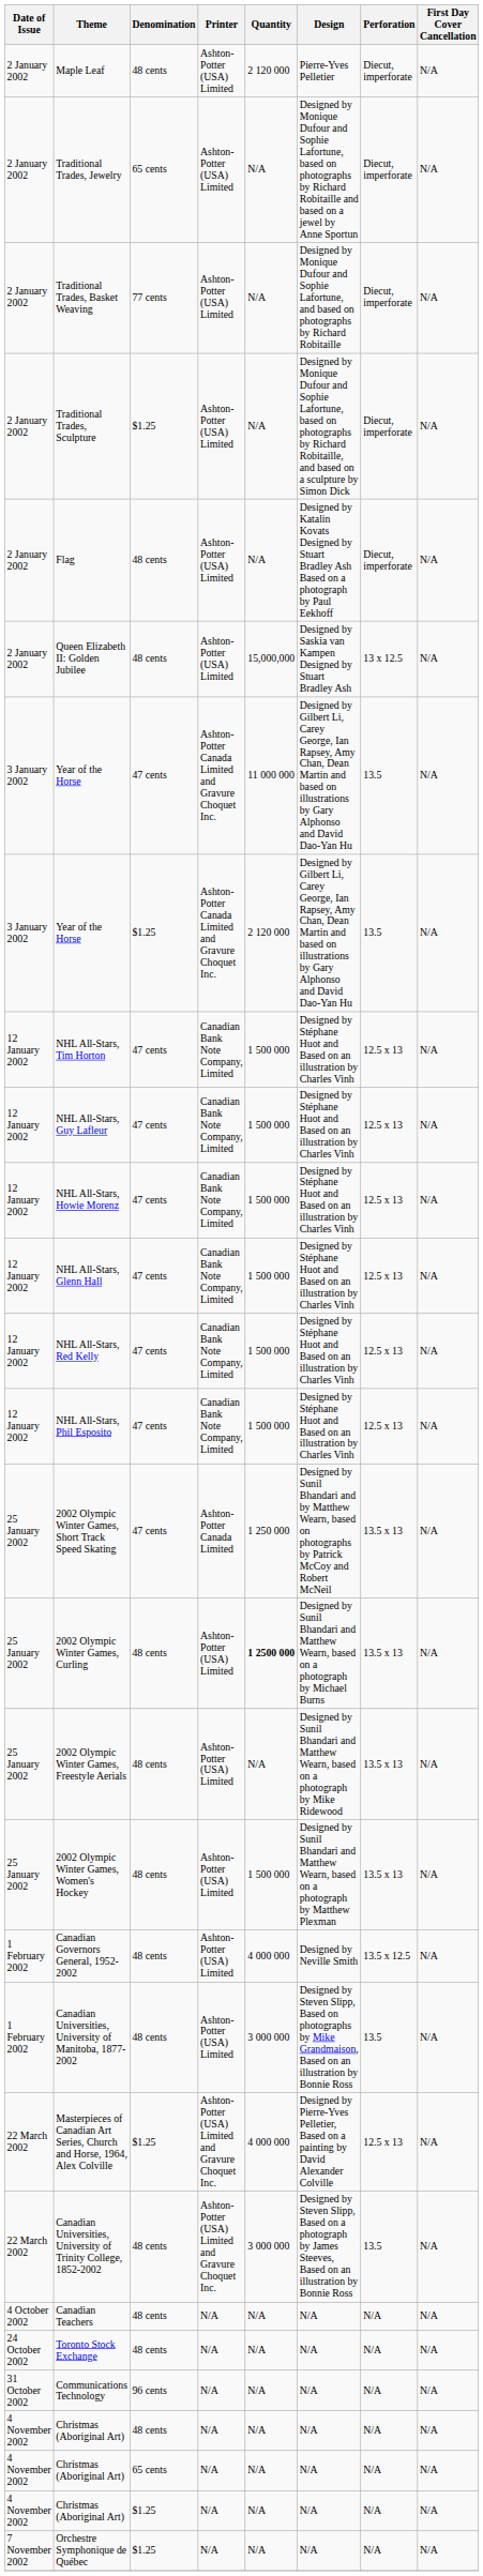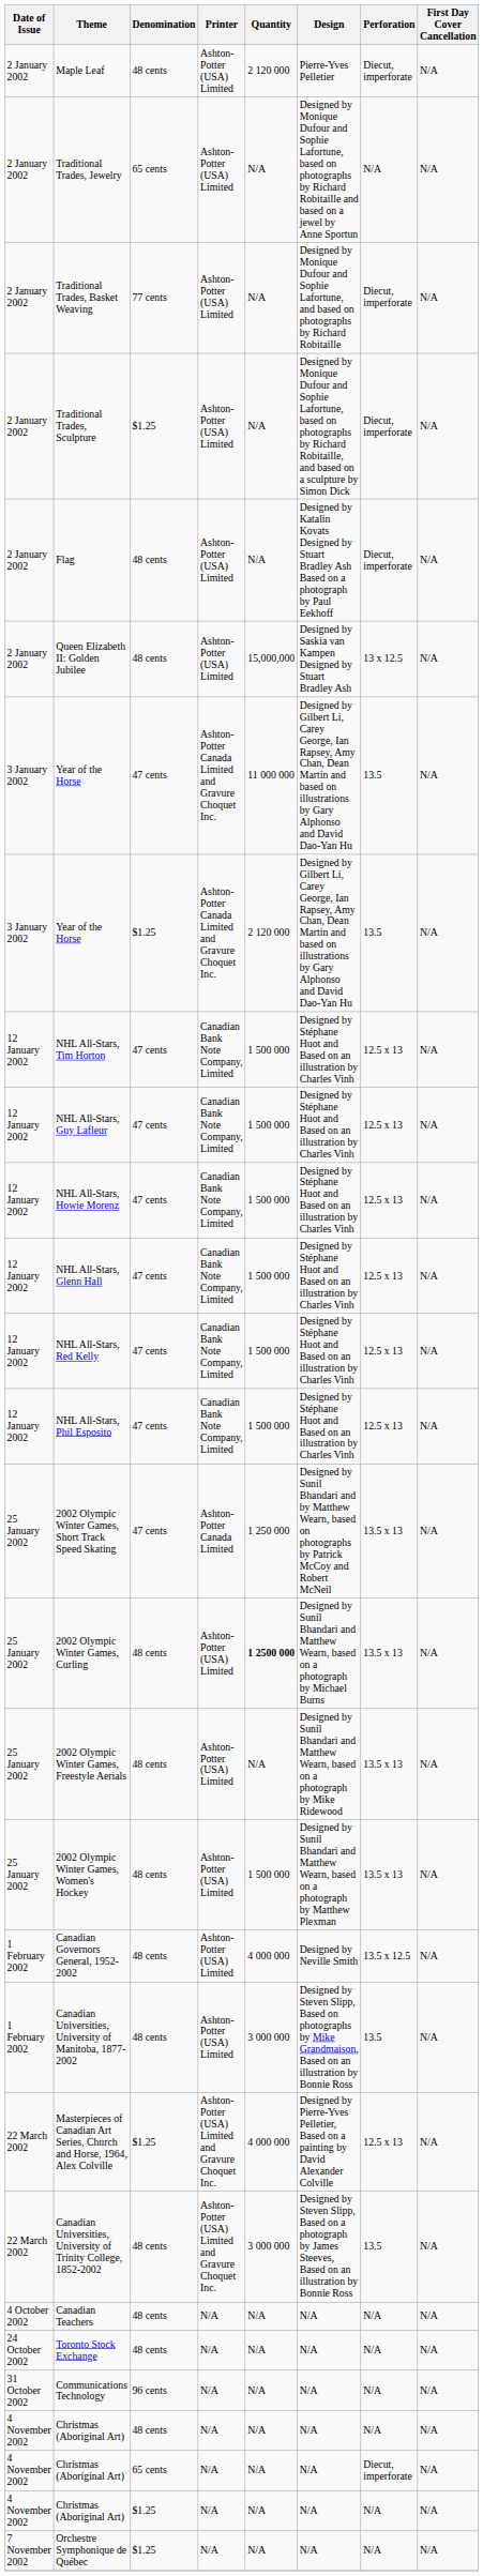 <table class="wikitable sortable">
 <tr>
 <th>Date of Issue</th>
 <th>Theme</th>
 <th>Denomination</th>
 <th>Printer</th>
 <th>Quantity</th>
 <th>Design</th>
 <th>Perforation</th>
 <th>First Day Cover Cancellation</th>
 </tr>
 <tr>
 <td>2 January 2002</td>
 <td>Maple Leaf</td>
 <td>48 cents</td>
 <td>Ashton-Potter (USA) Limited</td>
 <td>2 120 000</td>
 <td>Pierre-Yves Pelletier</td>
 <td>Diecut, imperforate</td>
 <td>N/A</td>
 </tr>
 <tr>
 <td>2 January 2002</td>
 <td>Traditional Trades, Jewelry</td>
 <td>65 cents</td>
 <td>Ashton-Potter (USA) Limited</td>
 <td>N/A</td>
 <td>Designed by Monique Dufour and Sophie Lafortune, based on photographs by Richard Robitaille and based on a jewel by Anne Sportun</td>
-<td>Diecut, imperforate</td>
+<td>N/A</td>
 <td>N/A</td>
 </tr>
 <tr>
 <td>2 January 2002</td>
 <td>Traditional Trades, Basket Weaving</td>
 <td>77 cents</td>
 <td>Ashton-Potter (USA) Limited</td>
 <td>N/A</td>
 <td>Designed by Monique Dufour and Sophie Lafortune, and based on photographs by Richard Robitaille</td>
 <td>Diecut, imperforate</td>
 <td>N/A</td>
 </tr>
 <tr>
 <td>2 January 2002</td>
 <td>Traditional Trades, Sculpture</td>
 <td>$1.25</td>
 <td>Ashton-Potter (USA) Limited</td>
 <td>N/A</td>
 <td>Designed by Monique Dufour and Sophie Lafortune, based on photographs by Richard Robitaille, and based on a sculpture by Simon Dick</td>
 <td>Diecut, imperforate</td>
 <td>N/A</td>
 </tr>
 <tr>
 <td>2 January 2002</td>
 <td>Flag</td>
 <td>48 cents</td>
 <td>Ashton-Potter (USA) Limited</td>
 <td>N/A</td>
 <td>Designed by Katalin Kovats<br>Designed by Stuart Bradley Ash Based on a photograph by Paul Eekhoff</td>
 <td>Diecut, imperforate</td>
 <td>N/A</td>
 </tr>
 <tr>
 <td>2 January 2002</td>
 <td>Queen Elizabeth II: Golden Jubilee</td>
 <td>48 cents</td>
 <td>Ashton-Potter (USA) Limited</td>
 <td>15,000,000</td>
 <td>Designed by Saskia van Kampen<br>Designed by Stuart Bradley Ash</td>
 <td>13 x 12.5</td>
 <td>N/A</td>
 </tr>
 <tr>
 <td>3 January 2002</td>
 <td>Year of the <a href='#'>Horse</a></td>
 <td>47 cents</td>
 <td>Ashton-Potter Canada Limited and Gravure Choquet Inc.</td>
 <td>11 000 000</td>
 <td>Designed by Gilbert Li, Carey George, Ian Rapsey, Amy Chan, Dean Martin and based on illustrations by Gary Alphonso<br>and David Dao-Yan Hu</td>
 <td>13.5</td>
 <td>N/A</td>
 </tr>
 <tr>
 <td>3 January 2002</td>
 <td>Year of the <a href='#'>Horse</a></td>
 <td>$1.25</td>
 <td>Ashton-Potter Canada Limited and Gravure Choquet Inc.</td>
 <td>2 120 000</td>
 <td>Designed by Gilbert Li, Carey George, Ian Rapsey, Amy Chan, Dean Martin and based on illustrations by Gary Alphonso<br>and David Dao-Yan Hu</td>
 <td>13.5</td>
 <td>N/A</td>
 </tr>
 <tr>
 <td>12 January 2002</td>
 <td>NHL All-Stars, <a href='#'>Tim Horton</a></td>
 <td>47 cents</td>
 <td>Canadian Bank Note Company, Limited</td>
 <td>1 500 000</td>
 <td>Designed by Stéphane Huot and Based on an illustration by Charles Vinh</td>
 <td>12.5 x 13</td>
 <td>N/A</td>
 </tr>
 <tr>
 <td>12 January 2002</td>
 <td>NHL All-Stars, <a href='#'>Guy Lafleur</a></td>
 <td>47 cents</td>
 <td>Canadian Bank Note Company, Limited</td>
 <td>1 500 000</td>
 <td>Designed by Stéphane Huot and Based on an illustration by Charles Vinh</td>
 <td>12.5 x 13</td>
 <td>N/A</td>
 </tr>
 <tr>
 <td>12 January 2002</td>
 <td>NHL All-Stars, <a href='#'>Howie Morenz</a></td>
 <td>47 cents</td>
 <td>Canadian Bank Note Company, Limited</td>
 <td>1 500 000</td>
 <td>Designed by Stéphane Huot and Based on an illustration by Charles Vinh</td>
 <td>12.5 x 13</td>
 <td>N/A</td>
 </tr>
 <tr>
 <td>12 January 2002</td>
 <td>NHL All-Stars, <a href='#'>Glenn Hall</a></td>
 <td>47 cents</td>
 <td>Canadian Bank Note Company, Limited</td>
 <td>1 500 000</td>
 <td>Designed by Stéphane Huot and Based on an illustration by Charles Vinh</td>
 <td>12.5 x 13</td>
 <td>N/A</td>
 </tr>
 <tr>
 <td>12 January 2002</td>
 <td>NHL All-Stars, <a href='#'>Red Kelly</a></td>
 <td>47 cents</td>
 <td>Canadian Bank Note Company, Limited</td>
 <td>1 500 000</td>
 <td>Designed by Stéphane Huot and Based on an illustration by Charles Vinh</td>
 <td>12.5 x 13</td>
 <td>N/A</td>
 </tr>
 <tr>
 <td>12 January 2002</td>
 <td>NHL All-Stars, <a href='#'>Phil Esposito</a></td>
 <td>47 cents</td>
 <td>Canadian Bank Note Company, Limited</td>
 <td>1 500 000</td>
 <td>Designed by Stéphane Huot and Based on an illustration by Charles Vinh</td>
 <td>12.5 x 13</td>
 <td>N/A</td>
 </tr>
 <tr>
 <td>25 January 2002</td>
 <td>2002 Olympic Winter Games, Short Track Speed Skating</td>
 <td>47 cents</td>
 <td>Ashton-Potter Canada Limited</td>
 <td>1 250 000</td>
 <td>Designed by Sunil Bhandari and by Matthew Wearn, based on photographs by Patrick McCoy and Robert McNeil</td>
 <td>13.5 x 13</td>
 <td>N/A</td>
 </tr>
 <tr>
 <td>25 January 2002</td>
 <td>2002 Olympic Winter Games, Curling</td>
 <td>48 cents</td>
 <td>Ashton-Potter (USA) Limited</td>
 <td><strong>1 2500 000</strong></td>
 <td>Designed by Sunil Bhandari and Matthew Wearn, based on a photograph by Michael Burns</td>
 <td>13.5 x 13</td>
 <td>N/A</td>
 </tr>
 <tr>
 <td>25 January 2002</td>
 <td>2002 Olympic Winter Games, Freestyle Aerials</td>
 <td>48 cents</td>
 <td>Ashton-Potter (USA) Limited</td>
 <td>N/A</td>
 <td>Designed by Sunil Bhandari and Matthew Wearn, based on a photograph by Mike Ridewood</td>
 <td>13.5 x 13</td>
 <td>N/A</td>
 </tr>
 <tr>
 <td>25 January 2002</td>
 <td>2002 Olympic Winter Games, Women's Hockey</td>
 <td>48 cents</td>
 <td>Ashton-Potter (USA) Limited</td>
 <td>1 500 000</td>
 <td>Designed by Sunil Bhandari and Matthew Wearn, based on a photograph by Matthew Plexman</td>
 <td>13.5 x 13</td>
 <td>N/A</td>
 </tr>
 <tr>
 <td>1 February 2002</td>
 <td>Canadian Governors General, 1952-2002</td>
 <td>48 cents</td>
 <td>Ashton-Potter (USA) Limited</td>
 <td>4 000 000</td>
 <td>Designed by Neville Smith</td>
 <td>13.5 x 12.5</td>
 <td>N/A</td>
 </tr>
 <tr>
 <td>1 February 2002</td>
 <td>Canadian Universities, University of Manitoba, 1877-2002</td>
 <td>48 cents</td>
 <td>Ashton-Potter (USA) Limited</td>
 <td>3 000 000</td>
 <td>Designed by Steven Slipp, Based on photographs by <a href='#'>Mike Grandmaison</a>, Based on an illustration by Bonnie Ross</td>
 <td>13.5</td>
 <td>N/A</td>
 </tr>
 <tr>
 <td>22 March 2002</td>
 <td>Masterpieces of Canadian Art Series, Church and Horse, 1964, Alex Colville</td>
 <td>$1.25</td>
 <td>Ashton-Potter (USA) Limited and Gravure Choquet Inc.</td>
 <td>4 000 000</td>
 <td>Designed by Pierre-Yves Pelletier, Based on a painting by David Alexander Colville</td>
 <td>12.5 x 13</td>
 <td>N/A</td>
 </tr>
 <tr>
 <td>22 March 2002</td>
 <td>Canadian Universities, University of Trinity College, 1852-2002</td>
 <td>48 cents</td>
 <td>Ashton-Potter (USA) Limited and Gravure Choquet Inc.</td>
 <td>3 000 000</td>
 <td>Designed by Steven Slipp, Based on a photograph by James Steeves, Based on an illustration by Bonnie Ross</td>
 <td>13.5</td>
 <td>N/A</td>
 </tr>
 <tr>
 <td>4 October 2002</td>
 <td>Canadian Teachers</td>
 <td>48 cents</td>
 <td>N/A</td>
 <td>N/A</td>
 <td>N/A</td>
 <td>N/A</td>
 <td>N/A</td>
 </tr>
 <tr>
 <td>24 October 2002</td>
 <td><a href='#'>Toronto Stock Exchange</a></td>
 <td>48 cents</td>
 <td>N/A</td>
 <td>N/A</td>
 <td>N/A</td>
 <td>N/A</td>
 <td>N/A</td>
 </tr>
 <tr>
 <td>31 October 2002</td>
 <td>Communications Technology</td>
 <td>96 cents</td>
 <td>N/A</td>
 <td>N/A</td>
 <td>N/A</td>
 <td>N/A</td>
 <td>N/A</td>
 </tr>
 <tr>
 <td>4 November 2002</td>
 <td>Christmas (Aboriginal Art)</td>
 <td>48 cents</td>
 <td>N/A</td>
 <td>N/A</td>
 <td>N/A</td>
 <td>N/A</td>
 <td>N/A</td>
 </tr>
 <tr>
 <td>4 November 2002</td>
 <td>Christmas (Aboriginal Art)</td>
 <td>65 cents</td>
 <td>N/A</td>
 <td>N/A</td>
 <td>N/A</td>
-<td>N/A</td>
+<td>Diecut, imperforate</td>
 <td>N/A</td>
 </tr>
 <tr>
 <td>4 November 2002</td>
 <td>Christmas (Aboriginal Art)</td>
 <td>$1.25</td>
 <td>N/A</td>
 <td>N/A</td>
 <td>N/A</td>
 <td>N/A</td>
 <td>N/A</td>
 </tr>
 <tr>
 <td>7 November 2002</td>
 <td>Orchestre Symphonique de Québec</td>
 <td>$1.25</td>
 <td>N/A</td>
 <td>N/A</td>
 <td>N/A</td>
 <td>N/A</td>
 <td>N/A</td>
 </tr>
 <tr>
 </tr>
 </table>
